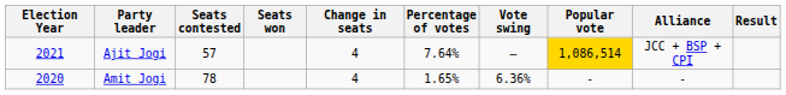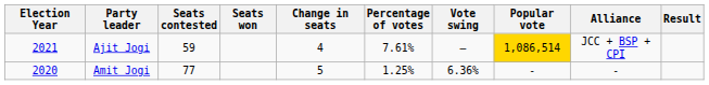 <table class="wikitable sortable">
 <tr>
 <th Style="background-color:">Election Year</th>
 <th Style="background-color:">Party leader</th>
 <th Style="background-color:">Seats<br>contested</th>
 <th Style="background-color:">Seats won</th>
 <th Style="background-color:">Change in seats</th>
 <th Style="background-color:">Percentage<br>of votes</th>
 <th Style="background-color:">Vote swing</th>
 <th Style="background-color:">Popular vote</th>
 <th Style="background-color:">Alliance</th>
 <th Style="background-color:">Result</th>
 </tr>
 <tr style="text-align:center;">
 <td><a href='#'>2021</a></td>
 <td><a href='#'>Ajit Jogi</a></td>
-<td>57</td>
+<td>59</td>
 <td></td>
 <td> 4</td>
-<td>7.64%</td>
+<td>7.61%</td>
 <td>–</td>
 <td style="background: gold;">1,086,514</td>
 <td>JCC + <a href='#'>BSP</a> + <a href='#'>CPI</a></td>
 <td></td>
 </tr>
 <tr style="text-align:center;">
 <td><a href='#'>2020</a></td>
 <td><a href='#'>Amit Jogi</a></td>
-<td>78</td>
+<td>77</td>
 <td></td>
-<td> 4</td>
-<td>1.65%</td>
+<td> 5</td>
+<td>1.25%</td>
 <td>6.36%</td>
 <td>-</td>
 <td>-</td>
 <td></td>
 </tr>
 </table>
